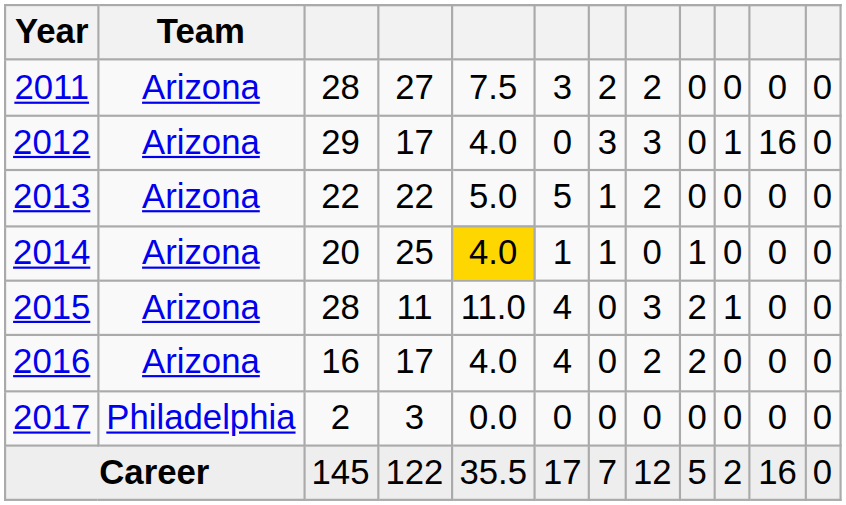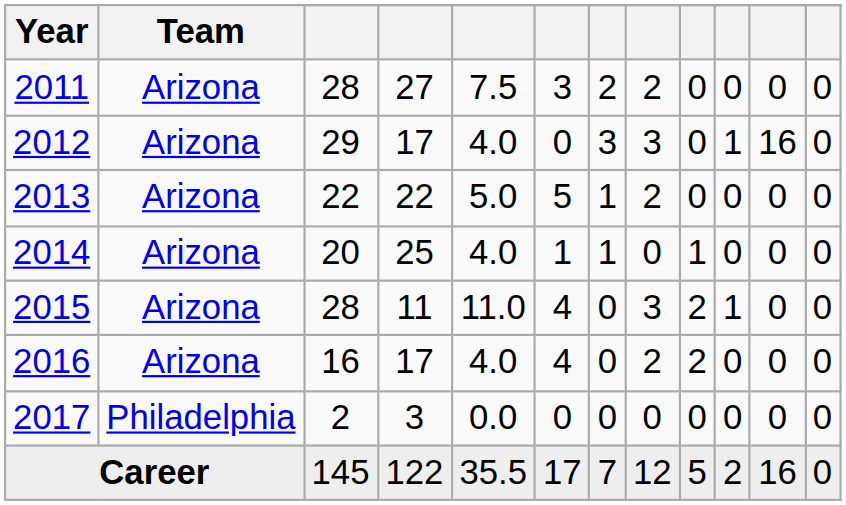 <table class="wikitable sortable" style="text-align:center">
 <tr>
 <th rowspan=2>Year</th>
 <th rowspan=2>Team</th>
 </tr>
 <tr>
 <th></th>
 <th></th>
 <th></th>
 <th></th>
 <th></th>
 <th></th>
 <th></th>
 <th></th>
 <th></th>
 <th></th>
 </tr>
 <tr>
 <td><a href='#'>2011</a></td>
 <td><a href='#'>Arizona</a></td>
 <td>28</td>
 <td>27</td>
 <td>7.5</td>
 <td>3</td>
 <td>2</td>
 <td>2</td>
 <td>0</td>
 <td>0</td>
 <td>0</td>
 <td>0</td>
 </tr>
 <tr>
 <td><a href='#'>2012</a></td>
 <td><a href='#'>Arizona</a></td>
 <td>29</td>
 <td>17</td>
 <td>4.0</td>
 <td>0</td>
 <td>3</td>
 <td>3</td>
 <td>0</td>
 <td>1</td>
 <td>16</td>
 <td>0</td>
 </tr>
 <tr>
 <td><a href='#'>2013</a></td>
 <td><a href='#'>Arizona</a></td>
 <td>22</td>
 <td>22</td>
 <td>5.0</td>
 <td>5</td>
 <td>1</td>
 <td>2</td>
 <td>0</td>
 <td>0</td>
 <td>0</td>
 <td>0</td>
 </tr>
 <tr>
 <td><a href='#'>2014</a></td>
 <td><a href='#'>Arizona</a></td>
 <td>20</td>
 <td>25</td>
-<td style="background: gold;">4.0</td>
+<td>4.0</td>
 <td>1</td>
 <td>1</td>
 <td>0</td>
 <td>1</td>
 <td>0</td>
 <td>0</td>
 <td>0</td>
 </tr>
 <tr>
 <td><a href='#'>2015</a></td>
 <td><a href='#'>Arizona</a></td>
 <td>28</td>
 <td>11</td>
 <td>11.0</td>
 <td>4</td>
 <td>0</td>
 <td>3</td>
 <td>2</td>
 <td>1</td>
 <td>0</td>
 <td>0</td>
 </tr>
 <tr>
 <td><a href='#'>2016</a></td>
 <td><a href='#'>Arizona</a></td>
 <td>16</td>
 <td>17</td>
 <td>4.0</td>
 <td>4</td>
 <td>0</td>
 <td>2</td>
 <td>2</td>
 <td>0</td>
 <td>0</td>
 <td>0</td>
 </tr>
 <tr>
 <td><a href='#'>2017</a></td>
 <td><a href='#'>Philadelphia</a></td>
 <td>2</td>
 <td>3</td>
 <td>0.0</td>
 <td>0</td>
 <td>0</td>
 <td>0</td>
 <td>0</td>
 <td>0</td>
 <td>0</td>
 <td>0</td>
 </tr>
 <tr class="sortbottom" style="background:#eee;">
 <td colspan=2><strong>Career</strong></td>
 <td>145</td>
 <td>122</td>
 <td>35.5</td>
 <td>17</td>
 <td>7</td>
 <td>12</td>
 <td>5</td>
 <td>2</td>
 <td>16</td>
 <td>0</td>
 </tr>
 </table>
